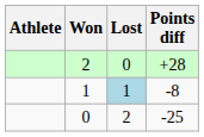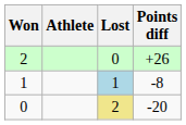 <table class="wikitable">
 <tr>
+<th>Won</th>
 <th>Athlete</th>
-<th>Won</th>
 <th>Lost</th>
 <th>Points<br>diff</th>
 </tr>
 <tr bgcolor="#ccffcc">
+<td align="center">2</td>
 <td></td>
-<td align="center">2</td>
 <td align="center">0</td>
-<td align="center">+28</td>
+<td align="center">+26</td>
 </tr>
 <tr>
+<td align="center">1</td>
 <td></td>
-<td align="center">1</td>
 <td align="center" style="background: lightblue;">1</td>
 <td align="center">-8</td>
 </tr>
 <tr>
+<td align="center">0</td>
 <td></td>
-<td align="center">0</td>
-<td align="center">2</td>
-<td align="center">-25</td>
+<td align="center" style="background: khaki;">2</td>
+<td align="center">-20</td>
 </tr>
 </table>
